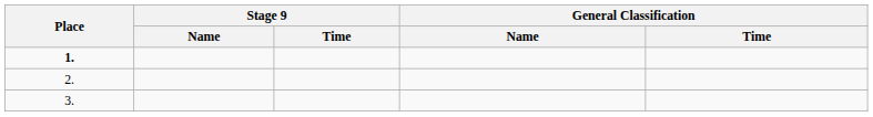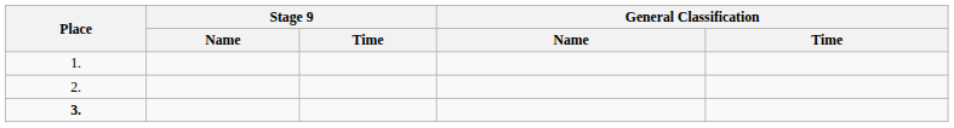 <table class=wikitable style="font-size:95%" width="80%">
 <tr>
 <th rowspan="2">Place</th>
 <th colspan="2">Stage 9</th>
 <th colspan="2">General Classification</th>
 </tr>
 <tr>
 <th>Name</th>
 <th>Time</th>
 <th>Name</th>
 <th>Time</th>
 </tr>
 <tr>
-<td align="center"><strong>1.</strong></td>
+<td align="center">1.</td>
 <td></td>
 <td></td>
 <td></td>
 <td></td>
 </tr>
 <tr>
 <td align="center">2.</td>
 <td></td>
 <td></td>
 <td></td>
 <td></td>
 </tr>
 <tr>
-<td align="center">3.</td>
+<td align="center"><strong>3.</strong></td>
 <td></td>
 <td></td>
 <td></td>
 <td></td>
 </tr>
 </table>
